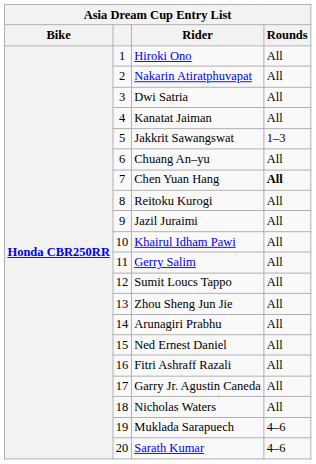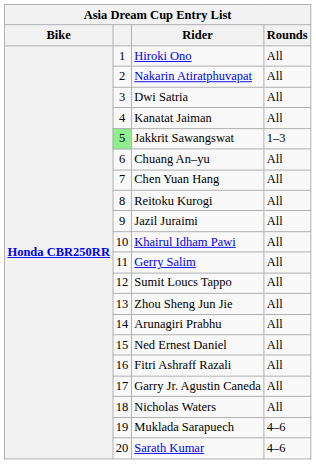 <table class="wikitable" style="font-size: 85%;">
 <tr>
 <th colspan=5>Asia Dream Cup Entry List</th>
 </tr>
 <tr>
 <th>Bike</th>
 <th></th>
 <th>Rider</th>
 <th>Rounds</th>
 </tr>
 <tr>
 <th rowspan="20"><a href='#'>Honda CBR250RR</a></th>
 <td align="center">1</td>
 <td> <a href='#'>Hiroki Ono</a></td>
 <td>All</td>
 </tr>
 <tr>
 <td align="center">2</td>
 <td> <a href='#'>Nakarin Atiratphuvapat</a></td>
 <td>All</td>
 </tr>
 <tr>
 <td align="center">3</td>
 <td> Dwi Satria</td>
 <td>All</td>
 </tr>
 <tr>
 <td align="center">4</td>
 <td> Kanatat Jaiman</td>
 <td>All</td>
 </tr>
 <tr>
-<td align="center">5</td>
+<td align="center" style="background: lightgreen;">5</td>
 <td> Jakkrit Sawangswat</td>
 <td>1–3</td>
 </tr>
 <tr>
 <td align="center">6</td>
 <td> Chuang An–yu</td>
 <td>All</td>
 </tr>
 <tr>
 <td align="center">7</td>
 <td> Chen Yuan Hang</td>
-<td><strong>All</strong></td>
+<td>All</td>
 </tr>
 <tr>
 <td align="center">8</td>
 <td> Reitoku Kurogi</td>
 <td>All</td>
 </tr>
 <tr>
 <td align="center">9</td>
 <td> Jazil Juraimi</td>
 <td>All</td>
 </tr>
 <tr>
 <td align="center">10</td>
 <td> <a href='#'>Khairul Idham Pawi</a></td>
 <td>All</td>
 </tr>
 <tr>
 <td align="center">11</td>
 <td> <a href='#'>Gerry Salim</a></td>
 <td>All</td>
 </tr>
 <tr>
 <td align="center">12</td>
 <td> Sumit Loucs Tappo</td>
 <td>All</td>
 </tr>
 <tr>
 <td align="center">13</td>
 <td> Zhou Sheng Jun Jie</td>
 <td>All</td>
 </tr>
 <tr>
 <td align="center">14</td>
 <td> Arunagiri Prabhu</td>
 <td>All</td>
 </tr>
 <tr>
 <td align="center">15</td>
 <td> Ned Ernest Daniel</td>
 <td>All</td>
 </tr>
 <tr>
 <td align="center">16</td>
 <td> Fitri Ashraff Razali</td>
 <td>All</td>
 </tr>
 <tr>
 <td align="center">17</td>
 <td> Garry Jr. Agustin Caneda</td>
 <td>All</td>
 </tr>
 <tr>
 <td align="center">18</td>
 <td> Nicholas Waters</td>
 <td>All</td>
 </tr>
 <tr>
 <td align="center">19</td>
 <td> Muklada Sarapuech</td>
 <td>4–6</td>
 </tr>
 <tr>
 <td align="center">20</td>
 <td> <a href='#'>Sarath Kumar</a></td>
 <td>4–6</td>
 </tr>
 </table>
